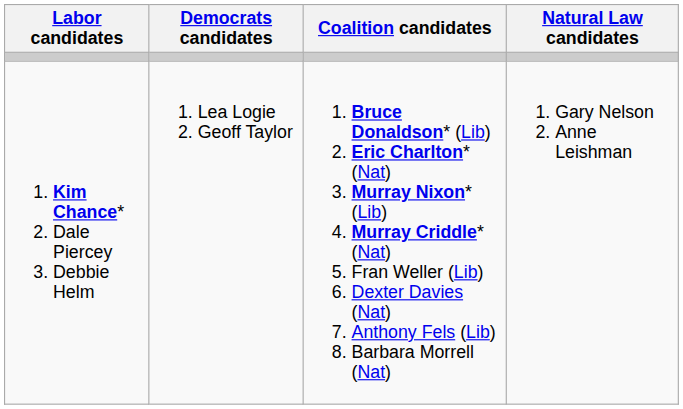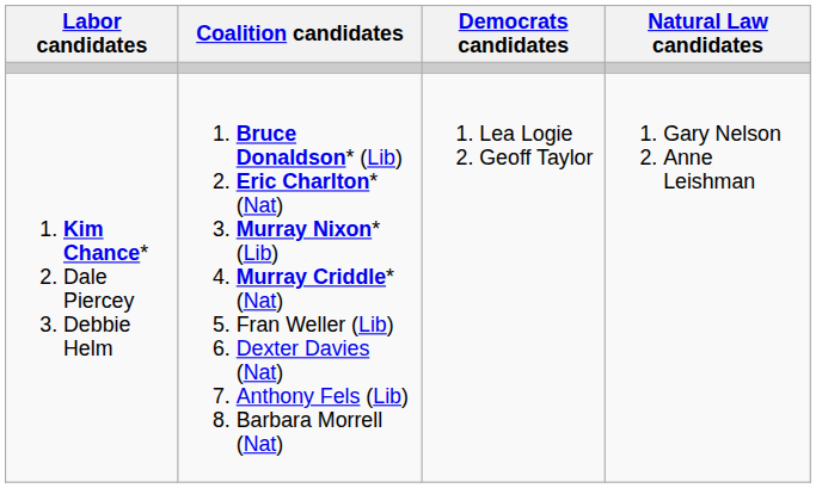 <table class="wikitable">
 <tr>
 <th><a href='#'>Labor</a> candidates</th>
+<th><a href='#'>Coalition</a> candidates</th>
 <th><a href='#'>Democrats</a> candidates</th>
-<th><a href='#'>Coalition</a> candidates</th>
 <th><a href='#'>Natural Law</a> candidates</th>
 </tr>
 <tr bgcolor="#cccccc">
 <td></td>
 <td></td>
 <td></td>
 <td></td>
 </tr>
 <tr>
 <td><br><ol><li><strong><a href='#'>Kim Chance</a></strong>*</li><li>Dale Piercey</li><li>Debbie Helm</li></ol></td>
+<td><br><ol><li><strong><a href='#'>Bruce Donaldson</a></strong>* (<a href='#'>Lib</a>)</li><li><strong><a href='#'>Eric Charlton</a></strong>* (<a href='#'>Nat</a>)</li><li><strong><a href='#'>Murray Nixon</a></strong>* (<a href='#'>Lib</a>)</li><li><strong><a href='#'>Murray Criddle</a></strong>* (<a href='#'>Nat</a>)</li><li>Fran Weller (<a href='#'>Lib</a>)</li><li><a href='#'>Dexter Davies</a> (<a href='#'>Nat</a>)</li><li><a href='#'>Anthony Fels</a> (<a href='#'>Lib</a>)</li><li>Barbara Morrell (<a href='#'>Nat</a>)</li></ol></td>
 <td valign=top><br><ol><li>Lea Logie</li><li>Geoff Taylor</li></ol></td>
-<td><br><ol><li><strong><a href='#'>Bruce Donaldson</a></strong>* (<a href='#'>Lib</a>)</li><li><strong><a href='#'>Eric Charlton</a></strong>* (<a href='#'>Nat</a>)</li><li><strong><a href='#'>Murray Nixon</a></strong>* (<a href='#'>Lib</a>)</li><li><strong><a href='#'>Murray Criddle</a></strong>* (<a href='#'>Nat</a>)</li><li>Fran Weller (<a href='#'>Lib</a>)</li><li><a href='#'>Dexter Davies</a> (<a href='#'>Nat</a>)</li><li><a href='#'>Anthony Fels</a> (<a href='#'>Lib</a>)</li><li>Barbara Morrell (<a href='#'>Nat</a>)</li></ol></td>
 <td valign=top><br><ol><li>Gary Nelson</li><li>Anne Leishman</li></ol></td>
 </tr>
 </table>
